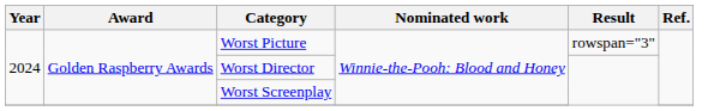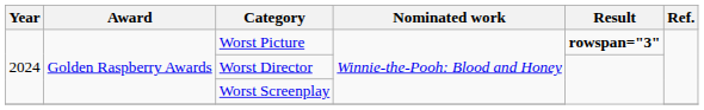 <table class="wikitable sortable">
 <tr>
 <th>Year</th>
 <th>Award</th>
 <th>Category</th>
 <th>Nominated work</th>
 <th>Result</th>
 <th>Ref.</th>
 </tr>
 <tr>
 <td rowspan="3" align="center">2024</td>
 <td rowspan="3"><a href='#'>Golden Raspberry Awards</a></td>
 <td><a href='#'>Worst Picture</a></td>
 <td rowspan="3"><em><a href='#'>Winnie-the-Pooh: Blood and Honey</a></em></td>
-<td>rowspan="3" </td>
+<td><strong>rowspan="3" </strong></td>
 <td rowspan="3" align="center"></td>
 </tr>
 <tr>
 <td><a href='#'>Worst Director</a></td>
 </tr>
 <tr>
 <td><a href='#'>Worst Screenplay</a></td>
 </tr>
 <tr>
 </tr>
 </table>
